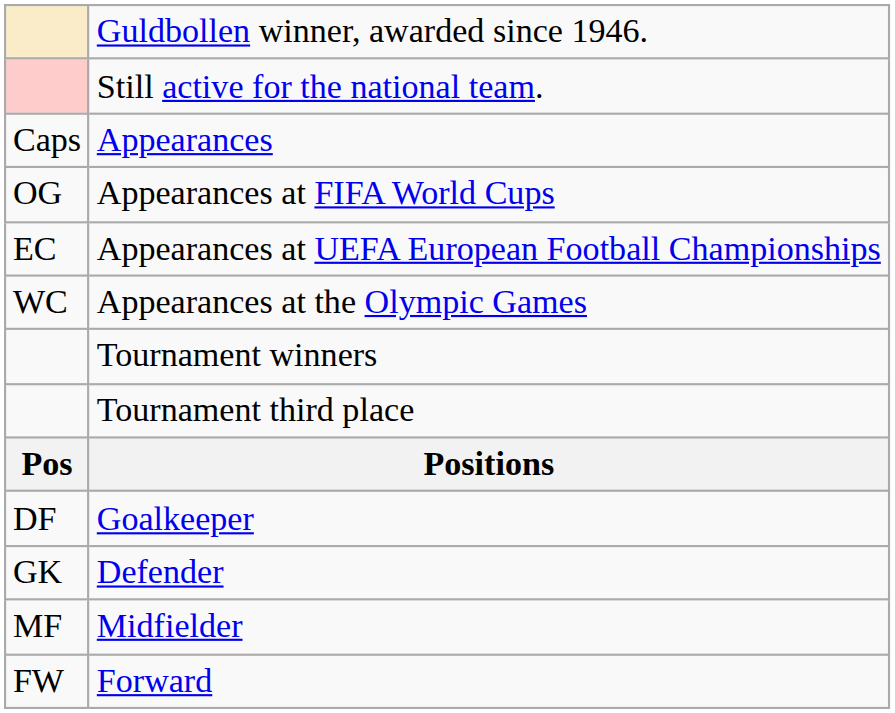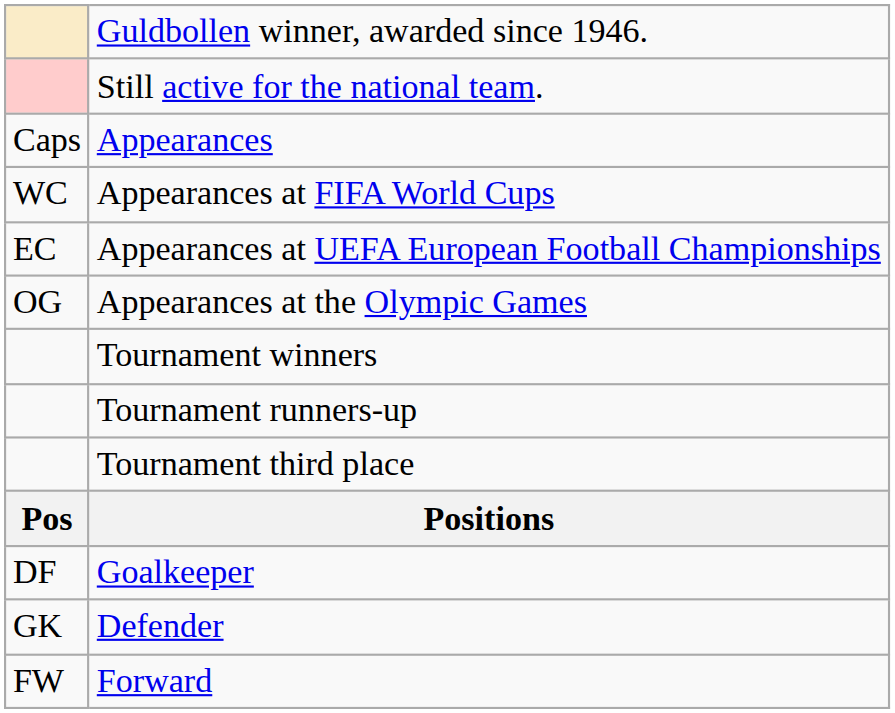 <table class="wikitable">
 <tr>
 <td style="background-color:#faecc8"></td>
 <td><a href='#'>Guldbollen</a> winner, awarded since 1946.</td>
 </tr>
 <tr>
 <td style="background-color:#FFCCCC"></td>
 <td>Still <a href='#'>active for the national team</a>.</td>
 </tr>
 <tr>
 <td>Caps</td>
 <td><a href='#'>Appearances</a></td>
 </tr>
 <tr>
-<td>OG</td>
+<td>WC</td>
 <td>Appearances at <a href='#'>FIFA World Cups</a></td>
 </tr>
 <tr>
 <td>EC</td>
 <td>Appearances at <a href='#'>UEFA European Football Championships</a></td>
 </tr>
 <tr>
-<td>WC</td>
+<td>OG</td>
 <td>Appearances at the <a href='#'>Olympic Games</a></td>
 </tr>
 <tr>
 <td></td>
 <td>Tournament winners</td>
+</tr>
+<tr>
+<td></td>
+<td>Tournament runners-up</td>
 </tr>
 <tr>
 <td></td>
 <td>Tournament third place</td>
 </tr>
 <tr>
 <th>Pos</th>
 <th style="align: left">Positions</th>
 </tr>
 <tr>
 <td>DF</td>
 <td><a href='#'>Goalkeeper</a></td>
 </tr>
 <tr>
 <td>GK</td>
 <td><a href='#'>Defender</a></td>
 </tr>
 <tr>
-<td>MF</td>
-<td><a href='#'>Midfielder</a></td>
-</tr>
-<tr>
 <td>FW</td>
 <td><a href='#'>Forward</a></td>
 </tr>
 </table>
